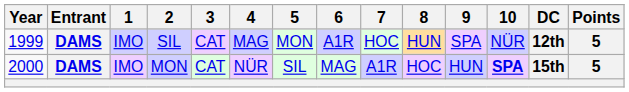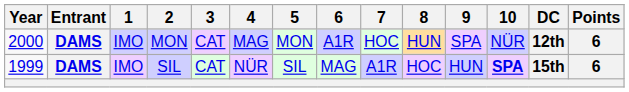 <table class="wikitable" style="text-align:center; font-size:85%">
 <tr>
 <th>Year</th>
 <th>Entrant</th>
 <th>1</th>
 <th>2</th>
 <th>3</th>
 <th>4</th>
 <th>5</th>
 <th>6</th>
 <th>7</th>
 <th>8</th>
 <th>9</th>
 <th>10</th>
 <th>DC</th>
 <th>Points</th>
 </tr>
 <tr>
-<td><a href='#'>1999</a></td>
+<td><a href='#'>2000</a></td>
 <th><a href='#'>DAMS</a></th>
 <td style="background:#CFCFFF;"><a href='#'>IMO</a><br></td>
-<td style="background:#CFCFFF;"><a href='#'>SIL</a><br></td>
+<td style="background:#CFCFFF;"><a href='#'>MON</a><br></td>
 <td style="background:#EFCFFF;"><a href='#'>CAT</a><br></td>
 <td style="background:#CFCFFF;"><a href='#'>MAG</a><br></td>
 <td style="background:#DFFFDF;"><a href='#'>MON</a><br></td>
 <td style="background:#CFCFFF;"><a href='#'>A1R</a><br></td>
 <td style="background:#DFFFDF;"><a href='#'>HOC</a><br></td>
 <td style="background:#FFDF9F;"><a href='#'>HUN</a><br></td>
 <td style="background:#EFCFFF;"><a href='#'>SPA</a><br></td>
 <td style="background:#CFCFFF;"><a href='#'>NÜR</a><br></td>
 <th>12th</th>
-<th>5</th>
+<th>6</th>
 </tr>
 <tr>
-<td><a href='#'>2000</a></td>
+<td><a href='#'>1999</a></td>
 <th><a href='#'>DAMS</a></th>
 <td style="background:#EFCFFF;"><a href='#'>IMO</a><br></td>
-<td style="background:#CFCFFF;"><a href='#'>MON</a><br></td>
+<td style="background:#CFCFFF;"><a href='#'>SIL</a><br></td>
 <td style="background:#DFFFDF;"><a href='#'>CAT</a><br></td>
 <td style="background:#EFCFFF;"><a href='#'>NÜR</a><br></td>
 <td style="background:#DFFFDF;"><a href='#'>SIL</a><br></td>
 <td style="background:#DFFFDF;"><a href='#'>MAG</a><br></td>
 <td style="background:#CFCFFF;"><a href='#'>A1R</a><br></td>
 <td style="background:#EFCFFF;"><a href='#'>HOC</a><br></td>
 <td style="background:#CFCFFF;"><a href='#'>HUN</a><br></td>
 <td style="background:#EFCFFF;"><strong><a href='#'>SPA</a><br></strong></td>
 <th>15th</th>
-<th>5</th>
+<th>6</th>
 </tr>
 <tr>
 <th colspan="14"></th>
 </tr>
 </table>
